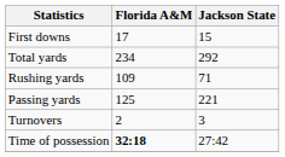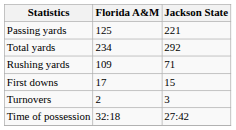 <table class="wikitable">
 <tr>
 <th>Statistics</th>
 <th>Florida A&M</th>
 <th>Jackson State</th>
 </tr>
 <tr>
-<td>First downs</td>
-<td>17</td>
-<td>15</td>
+<td>Passing yards</td>
+<td>125</td>
+<td>221</td>
 </tr>
 <tr>
 <td>Total yards</td>
 <td>234</td>
 <td>292</td>
 </tr>
 <tr>
 <td>Rushing yards</td>
 <td>109</td>
 <td>71</td>
 </tr>
 <tr>
-<td>Passing yards</td>
-<td>125</td>
-<td>221</td>
+<td>First downs</td>
+<td>17</td>
+<td>15</td>
 </tr>
 <tr>
 <td>Turnovers</td>
 <td>2</td>
 <td>3</td>
 </tr>
 <tr>
 <td>Time of possession</td>
-<td><strong>32:18</strong></td>
+<td>32:18</td>
 <td>27:42</td>
 </tr>
 <tr>
 </tr>
 </table>
